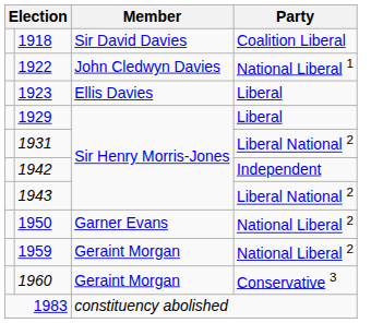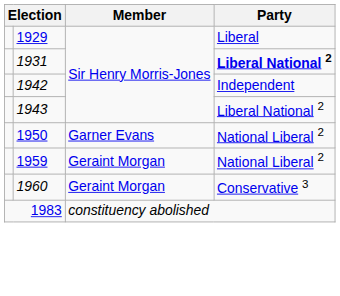 <table class="wikitable">
 <tr>
 <th colspan="2">Election</th>
 <th>Member</th>
 <th>Party</th>
-</tr>
-<tr>
-<td style="color:inherit;background-color: "></td>
-<td><a href='#'>1918</a></td>
-<td><a href='#'>Sir David Davies</a></td>
-<td><a href='#'>Coalition Liberal</a></td>
-</tr>
-<tr>
-<td style="color:inherit;background-color: "></td>
-<td><a href='#'>1922</a></td>
-<td><a href='#'>John Cledwyn Davies</a></td>
-<td><a href='#'>National Liberal</a> <sup>1</sup></td>
-</tr>
-<tr>
-<td style="color:inherit;background-color: "></td>
-<td><a href='#'>1923</a></td>
-<td><a href='#'>Ellis Davies</a></td>
-<td><a href='#'>Liberal</a></td>
 </tr>
 <tr>
 <td style="color:inherit;background-color: "></td>
 <td><a href='#'>1929</a></td>
 <td rowspan="4"><a href='#'>Sir Henry Morris-Jones</a></td>
 <td><a href='#'>Liberal</a></td>
 </tr>
 <tr>
 <td style="color:inherit;background-color: "></td>
 <td><em>1931</em></td>
-<td><a href='#'>Liberal National</a> <sup>2</sup></td>
+<td><strong><a href='#'>Liberal National</a> <sup>2</sup></strong></td>
 </tr>
 <tr>
 <td style="color:inherit;background-color: "></td>
 <td><em>1942</em></td>
 <td><a href='#'>Independent</a></td>
 </tr>
 <tr>
 <td style="color:inherit;background-color: "></td>
 <td><em>1943</em></td>
 <td><a href='#'>Liberal National</a> <sup>2</sup></td>
 </tr>
 <tr>
 <td style="color:inherit;background-color: "></td>
 <td><a href='#'>1950</a></td>
 <td><a href='#'>Garner Evans</a></td>
 <td><a href='#'>National Liberal</a> <sup>2</sup></td>
 </tr>
 <tr>
 <td style="color:inherit;background-color: "></td>
 <td><a href='#'>1959</a></td>
 <td><a href='#'>Geraint Morgan</a></td>
 <td><a href='#'>National Liberal</a> <sup>2</sup></td>
 </tr>
 <tr>
 <td style="color:inherit;background-color: "></td>
 <td><em>1960</em></td>
 <td><a href='#'>Geraint Morgan</a></td>
 <td><a href='#'>Conservative</a> <sup>3</sup></td>
 </tr>
 <tr>
 <td colspan="2" align="right"><a href='#'>1983</a></td>
 <td colspan="2"><em>constituency abolished</em></td>
 </tr>
 </table>
